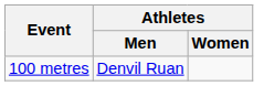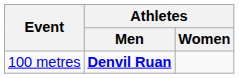 <table class=wikitable style="font-size:90%">
 <tr>
 <th rowspan=2>Event</th>
 <th colspan=2>Athletes</th>
 </tr>
 <tr>
 <th>Men</th>
 <th>Women</th>
 </tr>
 <tr>
 <td><a href='#'>100 metres</a></td>
-<td><a href='#'>Denvil Ruan</a></td>
+<td><strong><a href='#'>Denvil Ruan</a></strong></td>
 <td></td>
 </tr>
 </table>
